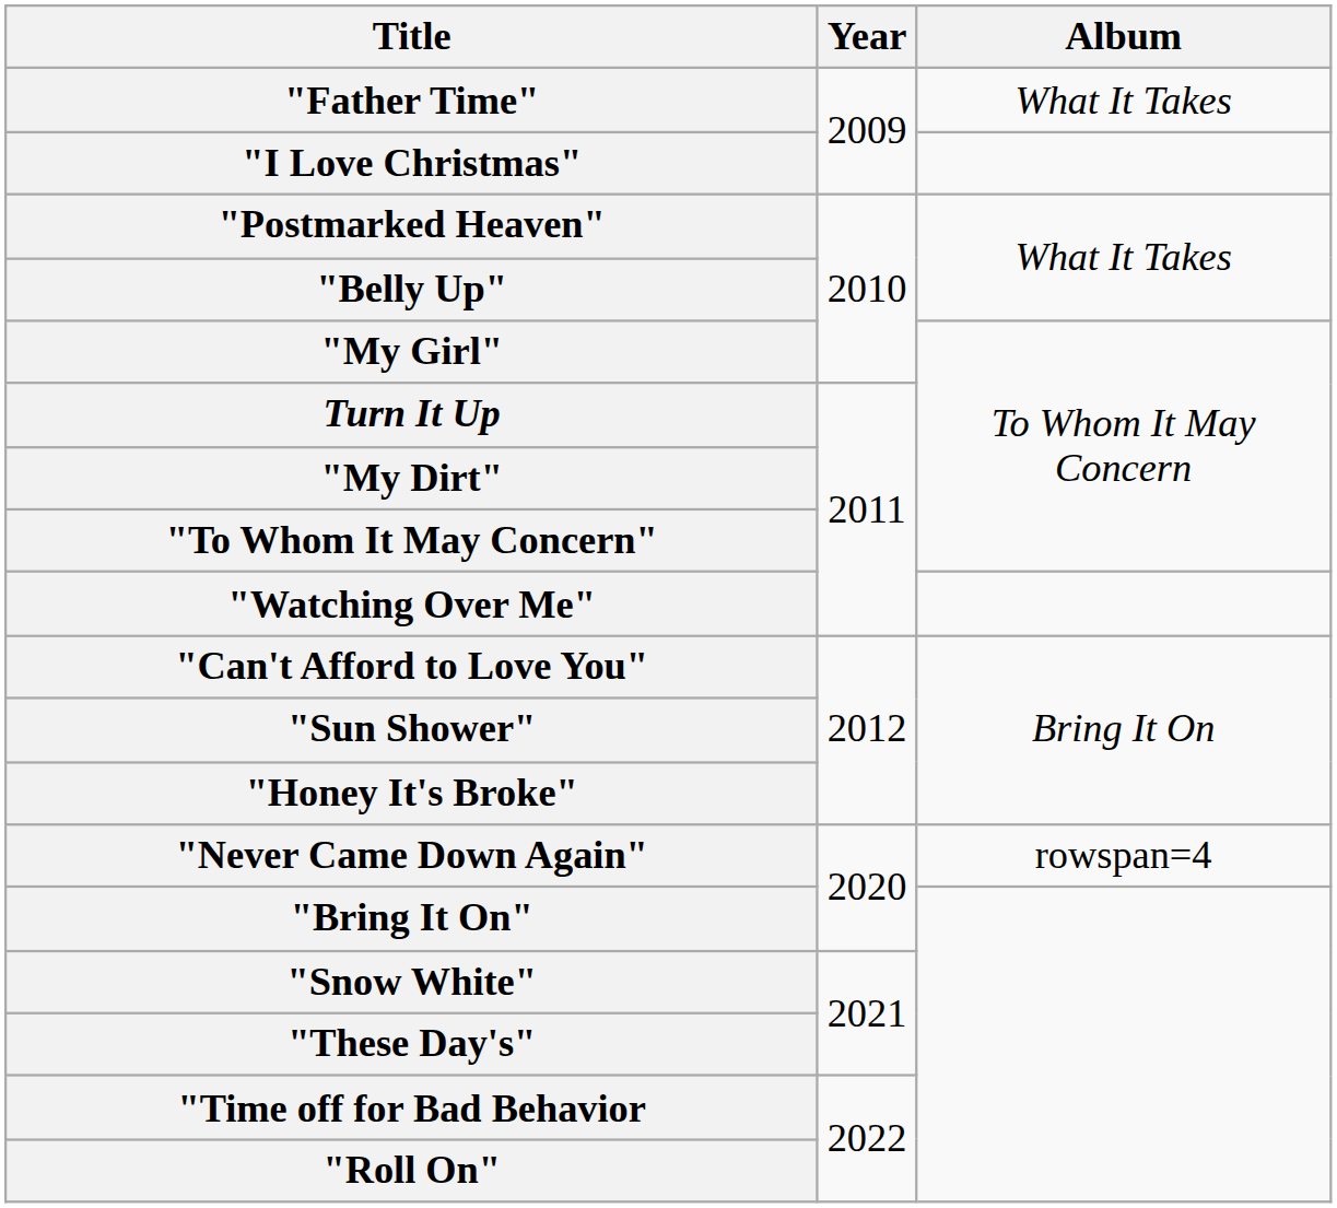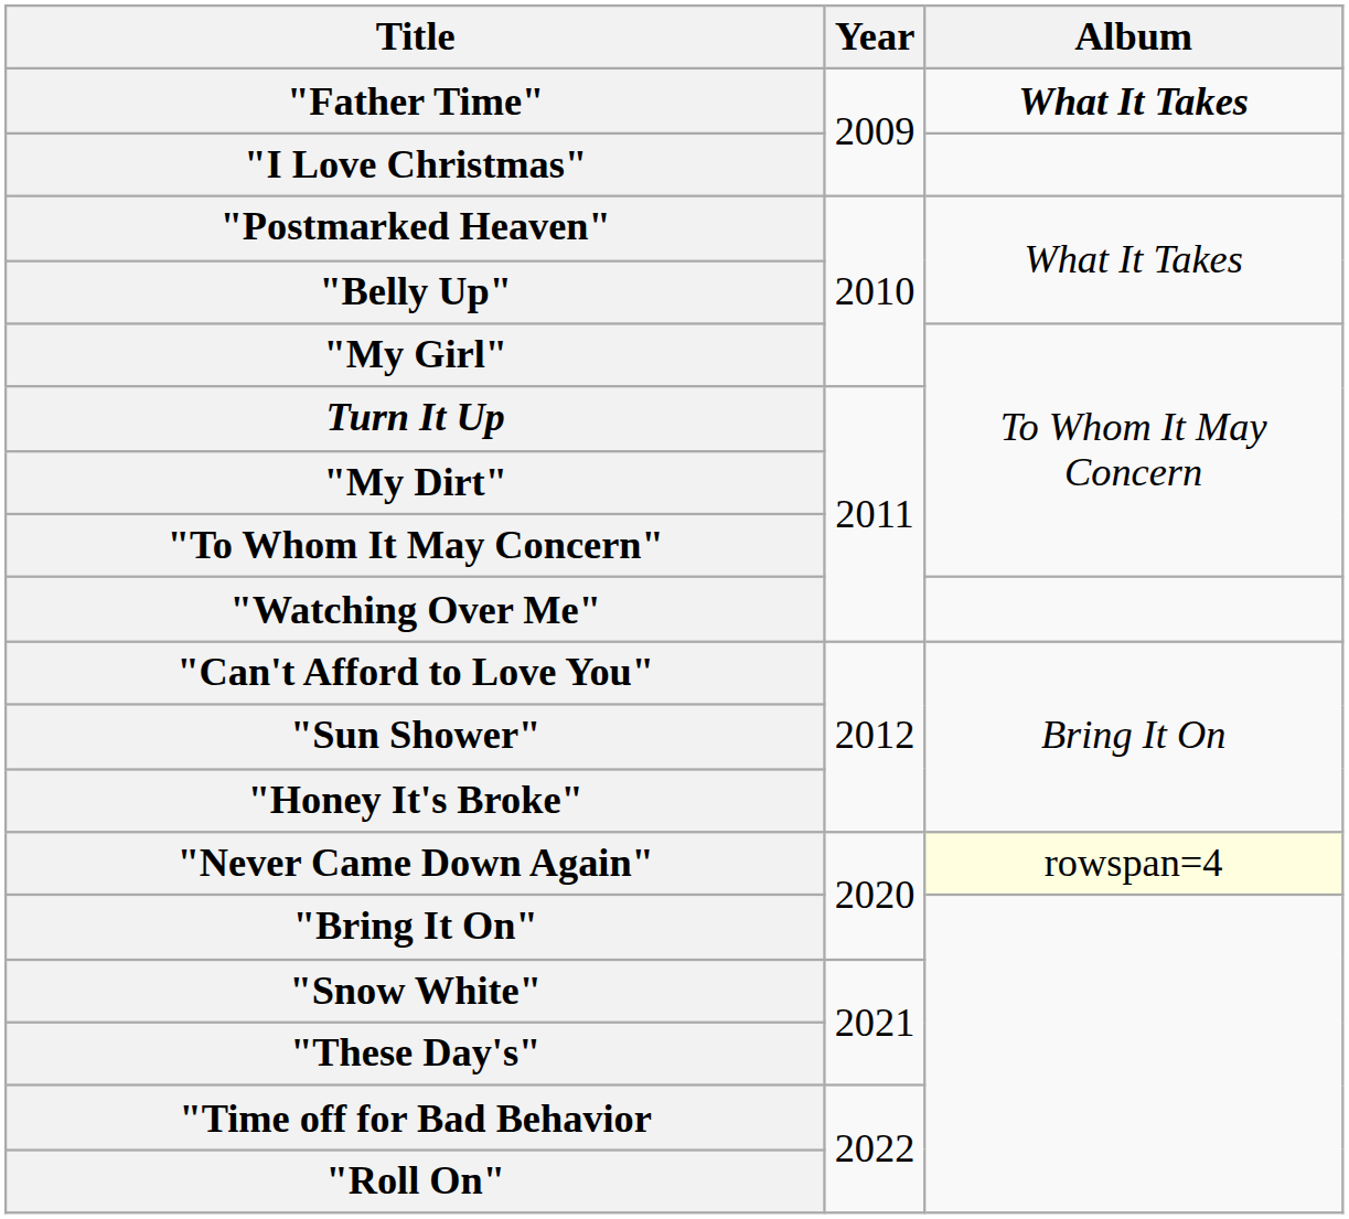 <table class="wikitable plainrowheaders" style="text-align:center;">
 <tr>
 <th rowspan="1" style="width:20em;">Title</th>
 <th rowspan="1" style="width:1em;">Year</th>
 <th rowspan="1" style="width:10em;">Album</th>
 </tr>
 <tr>
 <th scope="row">"Father Time"</th>
 <td rowspan=2>2009</td>
-<td><em>What It Takes</em></td>
+<td><strong><em>What It Takes</em></strong></td>
 </tr>
 <tr>
 <th scope="row">"I Love Christmas"</th>
 <td></td>
 </tr>
 <tr>
 <th scope="row">"Postmarked Heaven"</th>
 <td rowspan=3>2010</td>
 <td rowspan=2><em>What It Takes</em></td>
 </tr>
 <tr>
 <th scope="row">"Belly Up"</th>
 </tr>
 <tr>
 <th scope="row">"My Girl"</th>
 <td rowspan=4><em>To Whom It May Concern</em></td>
 </tr>
 <tr>
 <th scope="row"><em>Turn It Up</em></th>
 <td rowspan=4>2011</td>
 </tr>
 <tr>
 <th scope="row">"My Dirt"</th>
 </tr>
 <tr>
 <th scope="row">"To Whom It May Concern"</th>
 </tr>
 <tr>
 <th scope="row">"Watching Over Me"</th>
 <td></td>
 </tr>
 <tr>
 <th scope="row">"Can't Afford to Love You"</th>
 <td rowspan=3>2012</td>
 <td rowspan=3><em>Bring It On</em></td>
 </tr>
 <tr>
 <th scope="row">"Sun Shower"</th>
 </tr>
 <tr>
 <th scope="row">"Honey It's Broke"</th>
 </tr>
 <tr>
 <th scope="row">"Never Came Down Again"</th>
 <td rowspan=2>2020</td>
-<td>rowspan=4 </td>
+<td style="background: lightyellow;">rowspan=4 </td>
 </tr>
 <tr>
 <th scope="row">"Bring It On"<br> </th>
 </tr>
 <tr>
 <th scope="row">"Snow White"<br> </th>
 <td rowspan=2>2021</td>
 </tr>
 <tr>
 <th scope="row">"These Day's"</th>
 </tr>
 <tr>
 <th scope="row">"Time off for Bad Behavior</th>
 <td rowspan=2>2022</td>
 </tr>
 <tr>
 <th scope="row">"Roll On"</th>
 </tr>
 </table>
